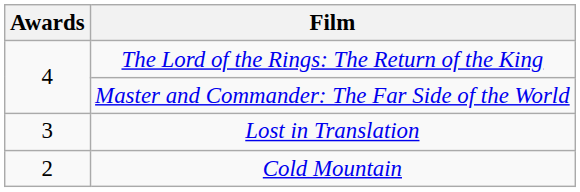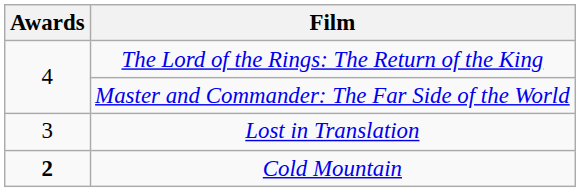 <table class="wikitable" style="text-align:center;">
 <tr>
 <th style="background:">Awards</th>
 <th style="background:">Film</th>
 </tr>
 <tr>
 <td rowspan="2">4</td>
 <td><em><a href='#'>The Lord of the Rings: The Return of the King</a></em></td>
 </tr>
 <tr>
 <td><em><a href='#'>Master and Commander: The Far Side of the World</a></em></td>
 </tr>
 <tr>
 <td>3</td>
 <td><em><a href='#'>Lost in Translation</a></em></td>
 </tr>
 <tr>
-<td>2</td>
+<td><strong>2</strong></td>
 <td><em><a href='#'>Cold Mountain</a></em></td>
 </tr>
 </table>
